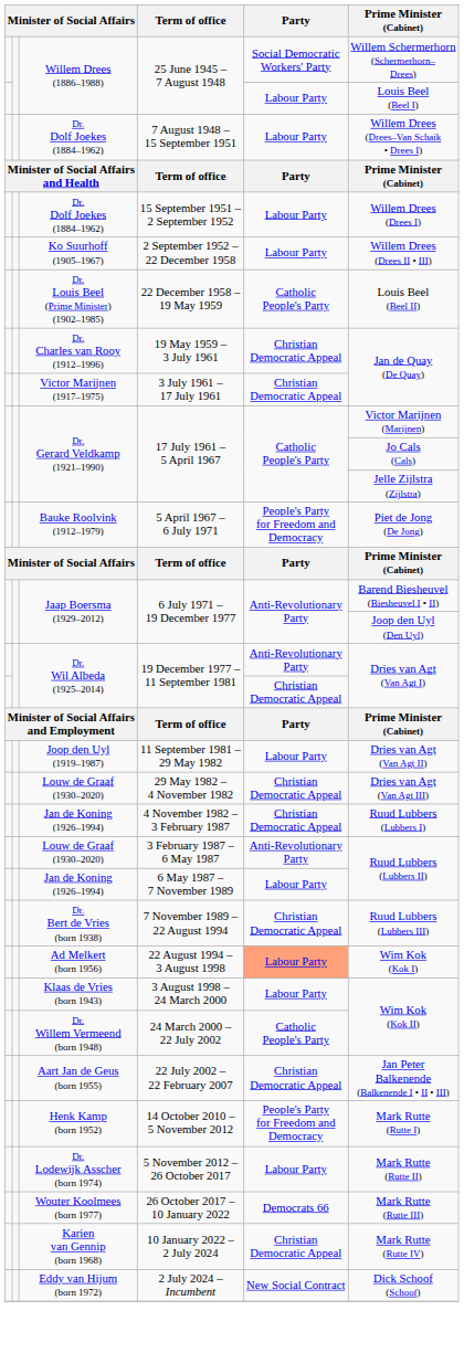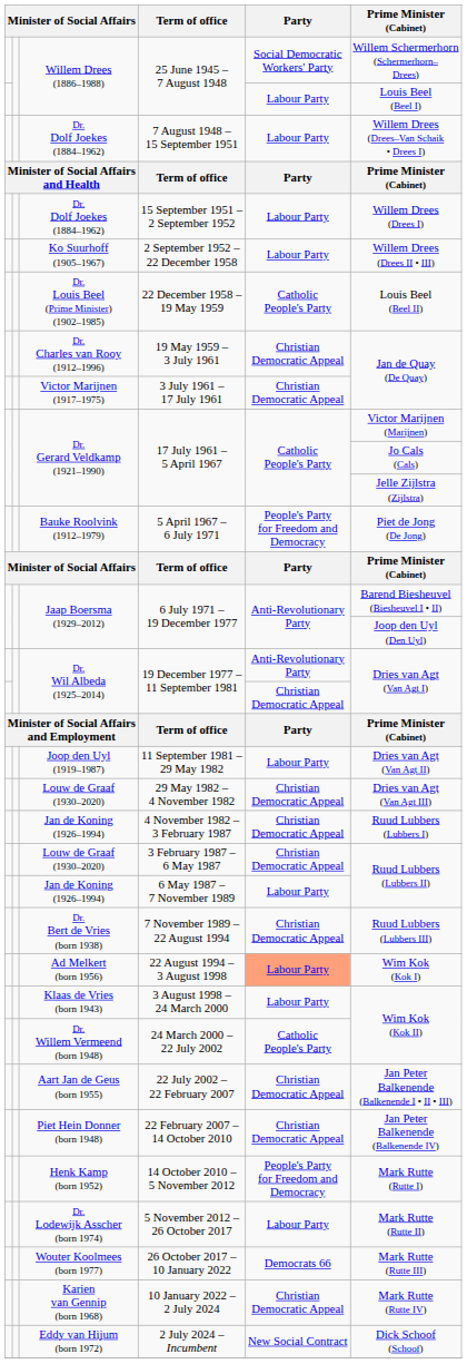 <table class="wikitable" style="text-align:center">
 <tr>
 <th colspan=3>Minister of Social Affairs</th>
 <th>Term of office</th>
 <th>Party</th>
 <th>Prime Minister <br> <small>(Cabinet)</small></th>
 </tr>
 <tr>
 <td style="background:"></td>
 <td rowspan=2></td>
 <td rowspan=2><a href='#'>Willem Drees</a> <br> <small>(1886–1988)</small> <br> <small></small></td>
 <td rowspan=2>25 June 1945 – <br> 7 August 1948</td>
 <td><a href='#'>Social Democratic <br> Workers' Party</a></td>
 <td><a href='#'>Willem Schermerhorn</a> <br> <small>(<a href='#'>Schermerhorn–<br>Drees</a>)</small> <br></td>
 </tr>
 <tr>
 <td style="background:"></td>
 <td><a href='#'>Labour Party</a></td>
 <td><a href='#'>Louis Beel</a> <br> <small>(<a href='#'>Beel I</a>)</small> <br></td>
 </tr>
 <tr>
 <td style="background:"></td>
 <td></td>
 <td><small><a href='#'>Dr.</a></small> <br> <a href='#'>Dolf Joekes</a> <br> <small>(1884–1962)</small></td>
 <td>7 August 1948 – <br> 15 September 1951</td>
 <td><a href='#'>Labour Party</a></td>
 <td><a href='#'>Willem Drees</a> <br> <small>(<a href='#'>Drees–Van Schaik</a> <br> • <a href='#'>Drees I</a>)</small> <br></td>
 </tr>
 <tr>
 <th colspan=3>Minister of Social Affairs <br> <a href='#'>and Health</a></th>
 <th>Term of office</th>
 <th>Party</th>
 <th>Prime Minister <br> <small>(Cabinet)</small></th>
 </tr>
 <tr>
 <td style="background:"></td>
 <td></td>
 <td><small><a href='#'>Dr.</a></small> <br> <a href='#'>Dolf Joekes</a> <br> <small>(1884–1962)</small></td>
 <td>15 September 1951 – <br> 2 September 1952</td>
 <td><a href='#'>Labour Party</a></td>
 <td><a href='#'>Willem Drees</a> <br> <small>(<a href='#'>Drees I</a>)</small> <br></td>
 </tr>
 <tr>
 <td style="background:"></td>
 <td></td>
 <td><a href='#'>Ko Suurhoff</a> <br> <small>(1905–1967)</small></td>
 <td>2 September 1952 – <br> 22 December 1958</td>
 <td><a href='#'>Labour Party</a></td>
 <td><a href='#'>Willem Drees</a> <br> <small>(<a href='#'>Drees II</a> • <a href='#'>III</a>)</small> <br></td>
 </tr>
 <tr>
 <td style="background:"></td>
 <td></td>
 <td><small><a href='#'>Dr.</a></small> <br> <a href='#'>Louis Beel</a> <br> <small>(<a href='#'>Prime Minister</a>)</small> <br> <small>(1902–1985)</small></td>
 <td>22 December 1958 – <br> 19 May 1959</td>
 <td><a href='#'>Catholic <br> People's Party</a></td>
 <td>Louis Beel <br> <small>(<a href='#'>Beel II</a>)</small> <br></td>
 </tr>
 <tr>
 <td style="background:"></td>
 <td></td>
 <td><small><a href='#'>Dr.</a></small> <br> <a href='#'>Charles van Rooy</a> <br> <small>(1912–1996)</small></td>
 <td>19 May 1959 – <br> 3 July 1961 <br> </td>
 <td><a href='#'>Christian <br> Democratic Appeal</a></td>
 <td rowspan=3><a href='#'>Jan de Quay</a> <br> <small>(<a href='#'>De Quay</a>)</small> <br></td>
 </tr>
 <tr>
 <td style="background:"></td>
 <td></td>
 <td><a href='#'>Victor Marijnen</a> <br> <small>(1917–1975)</small></td>
 <td>3 July 1961 – <br> 17 July 1961 <br>  </td>
 <td><a href='#'>Christian <br> Democratic Appeal</a></td>
 </tr>
 <tr>
 <td rowspan=4 style="background:"></td>
 <td rowspan=4></td>
 <td rowspan=4><small><a href='#'>Dr.</a></small> <br> <a href='#'>Gerard Veldkamp</a> <br> <small>(1921–1990)</small></td>
 <td rowspan=4>17 July 1961 – <br> 5 April 1967</td>
 <td rowspan=4><a href='#'>Catholic <br> People's Party</a></td>
 </tr>
 <tr>
 <td><a href='#'>Victor Marijnen</a> <br> <small>(<a href='#'>Marijnen</a>)</small> </td>
 </tr>
 <tr>
 <td><a href='#'>Jo Cals</a> <br> <small>(<a href='#'>Cals</a>)</small> </td>
 </tr>
 <tr>
 <td><a href='#'>Jelle Zijlstra</a> <br> <small>(<a href='#'>Zijlstra</a>)</small> </td>
 </tr>
 <tr>
 <td style="background:"></td>
 <td></td>
 <td><a href='#'>Bauke Roolvink</a> <br> <small>(1912–1979)</small></td>
 <td>5 April 1967 – <br> 6 July 1971</td>
 <td><a href='#'>People's Party <br> for Freedom and <br> Democracy</a></td>
 <td><a href='#'>Piet de Jong</a> <br> <small>(<a href='#'>De Jong</a>)</small> <br></td>
 </tr>
 <tr>
 <th colspan=3>Minister of Social Affairs</th>
 <th>Term of office</th>
 <th>Party</th>
 <th>Prime Minister <br> <small>(Cabinet)</small></th>
 </tr>
 <tr>
 <td rowspan=2 style="background:"></td>
 <td rowspan=2></td>
 <td rowspan=2><a href='#'>Jaap Boersma</a> <br> <small>(1929–2012)</small></td>
 <td rowspan=2>6 July 1971 – <br> 19 December 1977</td>
 <td rowspan=2><a href='#'>Anti-Revolutionary <br> Party</a></td>
 <td><a href='#'>Barend Biesheuvel</a> <br> <small>(<a href='#'>Biesheuvel I</a> • <a href='#'>II</a>)</small> <br></td>
 </tr>
 <tr>
 <td><a href='#'>Joop den Uyl</a> <br> <small>(<a href='#'>Den Uyl</a>)</small> <br></td>
 </tr>
 <tr>
 <td style="background:"></td>
 <td rowspan=2></td>
 <td rowspan=2><small><a href='#'>Dr.</a></small> <br> <a href='#'>Wil Albeda</a> <br> <small>(1925–2014)</small></td>
 <td rowspan=2>19 December 1977 – <br> 11 September 1981</td>
 <td><a href='#'>Anti-Revolutionary <br> Party</a></td>
 <td rowspan=2><a href='#'>Dries van Agt</a> <br> <small>(<a href='#'>Van Agt I</a>)</small> <br></td>
 </tr>
 <tr>
 <td style="background:"></td>
 <td><a href='#'>Christian <br> Democratic Appeal</a></td>
 </tr>
 <tr>
 <th colspan=3>Minister of Social Affairs <br> and Employment</th>
 <th>Term of office</th>
 <th>Party</th>
 <th>Prime Minister <br> <small>(Cabinet)</small></th>
 </tr>
 <tr>
 <td style="background:"></td>
 <td></td>
 <td><a href='#'>Joop den Uyl</a> <br> <small>(1919–1987)</small> <br> <small></small></td>
 <td>11 September 1981 – <br> 29 May 1982 <br>  </td>
 <td><a href='#'>Labour Party</a></td>
 <td><a href='#'>Dries van Agt</a> <br> <small>(<a href='#'>Van Agt II</a>)</small> <br></td>
 </tr>
 <tr>
 <td style="background:"></td>
 <td></td>
 <td><a href='#'>Louw de Graaf</a> <br> <small>(1930–2020)</small></td>
 <td>29 May 1982 – <br> 4 November 1982</td>
 <td><a href='#'>Christian <br> Democratic Appeal</a></td>
 <td><a href='#'>Dries van Agt</a> <br> <small>(<a href='#'>Van Agt III</a>)</small> <br></td>
 </tr>
 <tr>
 <td rowspan=2 style="background:"></td>
 <td rowspan=2></td>
 <td rowspan=2><a href='#'>Jan de Koning</a> <br> <small>(1926–1994)</small></td>
 <td rowspan=2>4 November 1982 – <br> 3 February 1987 <br>  </td>
 <td rowspan=2><a href='#'>Christian <br> Democratic Appeal</a></td>
 <td><a href='#'>Ruud Lubbers</a> <br> <small>(<a href='#'>Lubbers I</a>)</small> <br></td>
 </tr>
 <tr>
 <td rowspan=3><a href='#'>Ruud Lubbers</a> <br> <small>(<a href='#'>Lubbers II</a>)</small> <br></td>
 </tr>
 <tr>
 <td style="background:"></td>
 <td></td>
 <td><a href='#'>Louw de Graaf</a> <br> <small>(1930–2020)</small></td>
 <td>3 February 1987 – <br> 6 May 1987 <br> </td>
-<td><a href='#'>Anti-Revolutionary <br> Party</a></td>
+<td><a href='#'>Christian <br> Democratic Appeal</a></td>
 </tr>
 <tr>
 <td style="background:"></td>
 <td></td>
 <td><a href='#'>Jan de Koning</a> <br> <small>(1926–1994)</small></td>
 <td>6 May 1987 – <br> 7 November 1989 <br> </td>
 <td><a href='#'>Labour Party</a></td>
 </tr>
 <tr>
 <td style="background:"></td>
 <td></td>
 <td><small><a href='#'>Dr.</a></small> <br> <a href='#'>Bert de Vries</a> <br> <small>(born 1938)</small></td>
 <td>7 November 1989 – <br> 22 August 1994</td>
 <td><a href='#'>Christian <br> Democratic Appeal</a></td>
 <td><a href='#'>Ruud Lubbers</a> <br> <small>(<a href='#'>Lubbers III</a>)</small> <br></td>
 </tr>
 <tr>
 <td style="background:"></td>
 <td></td>
 <td><a href='#'>Ad Melkert</a> <br> <small>(born 1956)</small></td>
 <td>22 August 1994 – <br> 3 August 1998</td>
 <td style="background: lightsalmon;"><a href='#'>Labour Party</a></td>
 <td><a href='#'>Wim Kok</a> <br> <small>(<a href='#'>Kok I</a>)</small> <br></td>
 </tr>
 <tr>
 <td style="background:"></td>
 <td></td>
 <td><a href='#'>Klaas de Vries</a> <br> <small>(born 1943)</small></td>
 <td>3 August 1998 – <br> 24 March 2000 <br> </td>
 <td><a href='#'>Labour Party</a></td>
 <td rowspan=2><a href='#'>Wim Kok</a> <br> <small>(<a href='#'>Kok II</a>)</small> <br></td>
 </tr>
 <tr>
 <td style="background:"></td>
 <td></td>
 <td><small><a href='#'>Dr.</a></small> <br> <a href='#'>Willem Vermeend</a> <br> <small>(born 1948)</small></td>
 <td>24 March 2000 – <br> 22 July 2002</td>
 <td><a href='#'>Catholic <br> People's Party</a></td>
 </tr>
 <tr>
 <td style="background:"></td>
 <td></td>
 <td><a href='#'>Aart Jan de Geus</a> <br> <small>(born 1955)</small></td>
 <td>22 July 2002 – <br> 22 February 2007 <br> </td>
 <td><a href='#'>Christian <br> Democratic Appeal</a></td>
 <td><a href='#'>Jan Peter <br> Balkenende</a> <br> <small>(<a href='#'>Balkenende I</a> • <a href='#'>II</a> • <a href='#'>III</a>)</small> <br></td>
 </tr>
 <tr>
 <td style="background:"></td>
 <td></td>
+<td><a href='#'>Piet Hein Donner</a> <br> <small>(born 1948)</small></td>
+<td>22 February 2007 – <br> 14 October 2010</td>
+<td><a href='#'>Christian <br> Democratic Appeal</a></td>
+<td><a href='#'>Jan Peter <br> Balkenende</a> <br> <small>(<a href='#'>Balkenende IV</a>)</small> <br></td>
+</tr>
+<tr>
+<td style="background:"></td>
+<td></td>
 <td><a href='#'>Henk Kamp</a> <br> <small>(born 1952)</small></td>
 <td>14 October 2010 – <br> 5 November 2012</td>
 <td><a href='#'>People's Party <br> for Freedom and <br> Democracy</a></td>
 <td><a href='#'>Mark Rutte</a> <br> <small>(<a href='#'>Rutte I</a>)</small> <br></td>
 </tr>
 <tr>
 <td style="background:"></td>
 <td></td>
 <td><small><a href='#'>Dr.</a></small> <br> <a href='#'>Lodewijk Asscher</a> <br> <small>(born 1974)</small> <br> <small></small></td>
 <td>5 November 2012 – <br> 26 October 2017</td>
 <td><a href='#'>Labour Party</a></td>
 <td><a href='#'>Mark Rutte</a> <br> <small>(<a href='#'>Rutte II</a>)</small> <br></td>
 </tr>
 <tr>
 <td style="background:"></td>
 <td></td>
 <td><a href='#'>Wouter Koolmees</a> <br> <small>(born 1977)</small> <br> <small></small></td>
 <td>26 October 2017 – <br> 10 January 2022</td>
 <td><a href='#'>Democrats 66</a></td>
 <td><a href='#'>Mark Rutte</a> <br> <small>(<a href='#'>Rutte III</a>)</small> <br></td>
 </tr>
 <tr>
 <td style="background:"></td>
 <td></td>
 <td><a href='#'>Karien <br> van Gennip</a> <br> <small>(born 1968)</small> <br> <small></small></td>
 <td>10 January 2022 – <br> 2 July 2024</td>
 <td><a href='#'>Christian <br> Democratic Appeal</a></td>
 <td><a href='#'>Mark Rutte</a> <br> <small>(<a href='#'>Rutte IV</a>)</small> <br></td>
 </tr>
 <tr>
 <td style="background:"></td>
 <td></td>
 <td><a href='#'>Eddy van Hijum</a> <br> <small>(born 1972)</small></td>
 <td>2 July 2024 – <br> <em>Incumbent</em></td>
 <td><a href='#'>New Social Contract</a></td>
 <td><a href='#'>Dick Schoof</a> <br> <small>(<a href='#'>Schoof</a>)</small> <br></td>
 </tr>
 <tr>
 </tr>
 </table>
